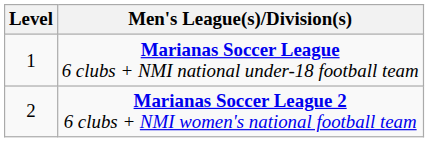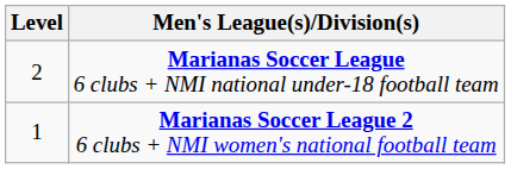 <table class="wikitable" style="text-align: center;">
 <tr>
 <th>Level</th>
 <th colspan="12">Men's League(s)/Division(s)</th>
 </tr>
 <tr>
-<td>1</td>
+<td>2</td>
 <td colspan="12"><strong><a href='#'>Marianas Soccer League</a></strong><br><em>6 clubs + NMI national under-18 football team</em></td>
 </tr>
 <tr>
-<td>2</td>
+<td>1</td>
 <td colspan="12"><strong><a href='#'>Marianas Soccer League 2</a></strong><br><em>6 clubs + <a href='#'>NMI women's national football team</a></em></td>
 </tr>
 </table>
